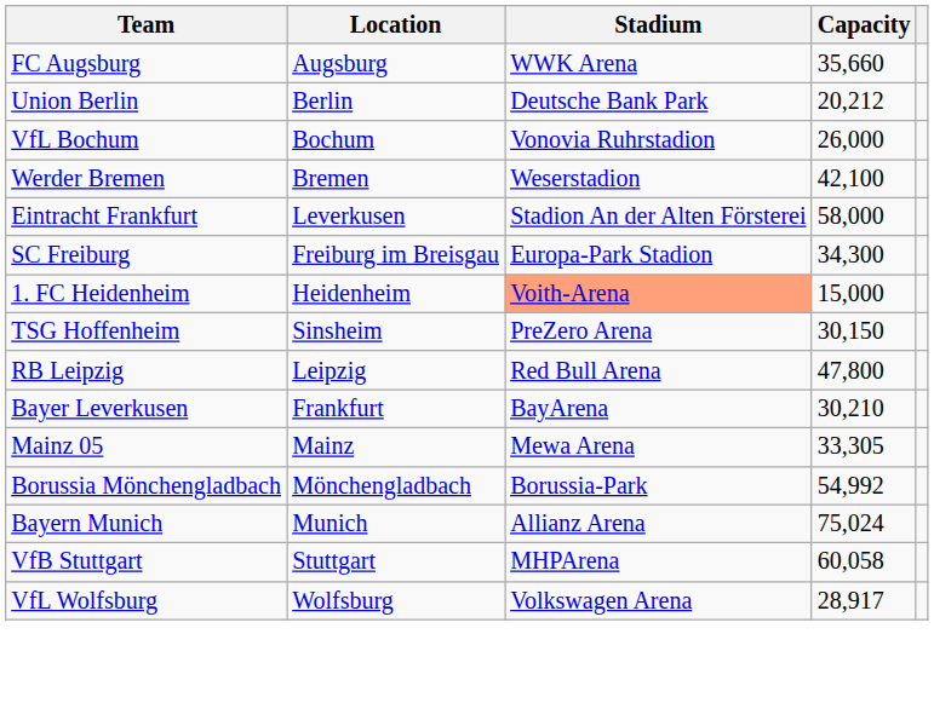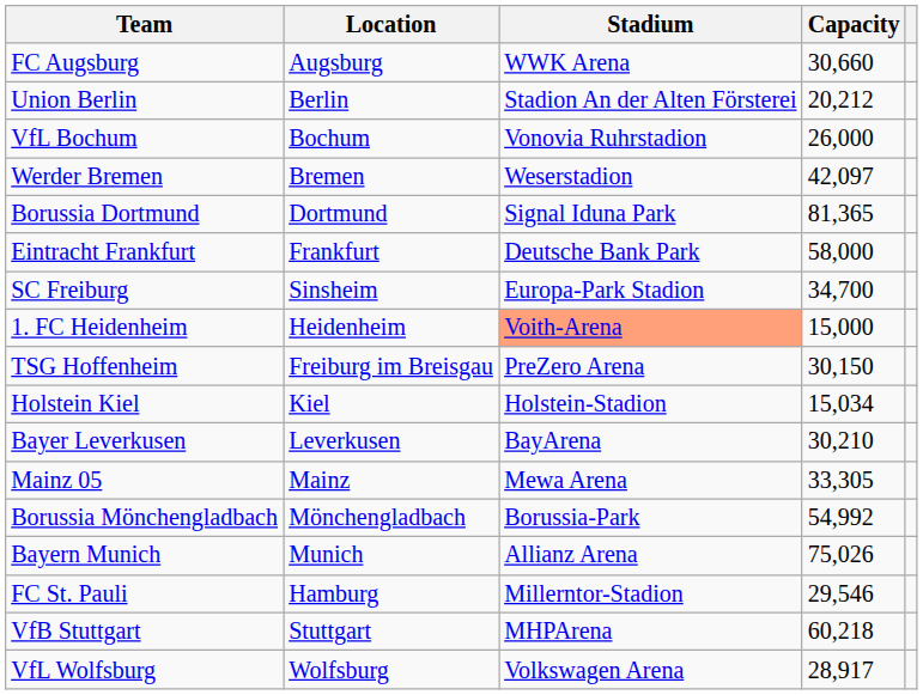 <table class="wikitable sortable" style="text-align:left;">
 <tr>
 <th>Team</th>
 <th>Location</th>
 <th>Stadium</th>
 <th>Capacity</th>
 <th class="unsortable"></th>
 </tr>
 <tr>
 <td data-sort-value="Augsburg"><a href='#'>FC Augsburg</a></td>
 <td><a href='#'>Augsburg</a></td>
 <td><a href='#'>WWK Arena</a></td>
-<td>35,660</td>
+<td>30,660</td>
 <td style="text-align:center"></td>
 </tr>
 <tr>
 <td data-sort-value="Berlin, Union"><a href='#'>Union Berlin</a></td>
 <td><a href='#'>Berlin</a></td>
-<td><a href='#'>Deutsche Bank Park</a></td>
+<td><a href='#'>Stadion An der Alten Försterei</a></td>
 <td>20,212</td>
 <td style="text-align:center"></td>
 </tr>
 <tr>
 <td data-sort-value="Bochum"><a href='#'>VfL Bochum</a></td>
 <td><a href='#'>Bochum</a></td>
 <td><a href='#'>Vonovia Ruhrstadion</a></td>
 <td>26,000</td>
 <td style="text-align:center"></td>
 </tr>
 <tr>
 <td data-sort-value="Bremen"><a href='#'>Werder Bremen</a></td>
 <td><a href='#'>Bremen</a></td>
 <td><a href='#'>Weserstadion</a></td>
-<td>42,100</td>
+<td>42,097</td>
+<td style="text-align:center"></td>
+</tr>
+<tr>
+<td data-sort-value="Dortmund"><a href='#'>Borussia Dortmund</a></td>
+<td><a href='#'>Dortmund</a></td>
+<td><a href='#'>Signal Iduna Park</a></td>
+<td>81,365</td>
 <td style="text-align:center"></td>
 </tr>
 <tr>
 <td data-sort-value="Frankfurt"><a href='#'>Eintracht Frankfurt</a></td>
-<td><a href='#'>Leverkusen</a></td>
-<td><a href='#'>Stadion An der Alten Försterei</a></td>
+<td><a href='#'>Frankfurt</a></td>
+<td><a href='#'>Deutsche Bank Park</a></td>
 <td>58,000</td>
 <td style="text-align:center"></td>
 </tr>
 <tr>
 <td data-sort-value="Freiburg"><a href='#'>SC Freiburg</a></td>
-<td><a href='#'>Freiburg im Breisgau</a></td>
+<td><a href='#'>Sinsheim</a></td>
 <td><a href='#'>Europa-Park Stadion</a></td>
-<td>34,300</td>
+<td>34,700</td>
 <td style="text-align:center"></td>
 </tr>
 <tr>
 <td data-sort-value="Heidenheim"><a href='#'>1. FC Heidenheim</a></td>
 <td><a href='#'>Heidenheim</a></td>
 <td style="background: lightsalmon;"><a href='#'>Voith-Arena</a></td>
 <td>15,000</td>
 <td style="text-align:center"></td>
 </tr>
 <tr>
 <td data-sort-value="Hoffenheim"><a href='#'>TSG Hoffenheim</a></td>
-<td><a href='#'>Sinsheim</a></td>
+<td><a href='#'>Freiburg im Breisgau</a></td>
 <td><a href='#'>PreZero Arena</a></td>
 <td>30,150</td>
 <td style="text-align:center"></td>
 </tr>
 <tr>
-<td data-sort-value="Leipzig"><a href='#'>RB Leipzig</a></td>
-<td><a href='#'>Leipzig</a></td>
-<td><a href='#'>Red Bull Arena</a></td>
-<td>47,800</td>
+<td data-sort-value="Kiel"><a href='#'>Holstein Kiel</a></td>
+<td><a href='#'>Kiel</a></td>
+<td><a href='#'>Holstein-Stadion</a></td>
+<td>15,034</td>
 <td style="text-align:center"></td>
 </tr>
 <tr>
 <td data-sort-value="Leverkusen"><a href='#'>Bayer Leverkusen</a></td>
-<td><a href='#'>Frankfurt</a></td>
+<td><a href='#'>Leverkusen</a></td>
 <td><a href='#'>BayArena</a></td>
 <td>30,210</td>
 <td style="text-align:center"></td>
 </tr>
 <tr>
 <td data-sort-value="Mainz"><a href='#'>Mainz 05</a></td>
 <td><a href='#'>Mainz</a></td>
 <td><a href='#'>Mewa Arena</a></td>
 <td>33,305</td>
 <td style="text-align:center"></td>
 </tr>
 <tr>
 <td data-sort-value="Monchengladbach"><a href='#'>Borussia Mönchengladbach</a></td>
 <td><a href='#'>Mönchengladbach</a></td>
 <td><a href='#'>Borussia-Park</a></td>
 <td>54,992</td>
 <td style="text-align:center"></td>
 </tr>
 <tr>
 <td data-sort-value="Munich"><a href='#'>Bayern Munich</a></td>
 <td><a href='#'>Munich</a></td>
 <td><a href='#'>Allianz Arena</a></td>
-<td>75,024</td>
+<td>75,026</td>
+<td style="text-align:center"></td>
+</tr>
+<tr>
+<td data-sort-value="St Pauli"><a href='#'>FC St. Pauli</a></td>
+<td><a href='#'>Hamburg</a></td>
+<td><a href='#'>Millerntor-Stadion</a></td>
+<td>29,546</td>
 <td style="text-align:center"></td>
 </tr>
 <tr>
 <td data-sort-value="Stuttgart"><a href='#'>VfB Stuttgart</a></td>
 <td><a href='#'>Stuttgart</a></td>
 <td><a href='#'>MHPArena</a></td>
-<td>60,058</td>
+<td>60,218</td>
 <td style="text-align:center"></td>
 </tr>
 <tr>
 <td data-sort-value="Wolfsburg"><a href='#'>VfL Wolfsburg</a></td>
 <td><a href='#'>Wolfsburg</a></td>
 <td><a href='#'>Volkswagen Arena</a></td>
 <td>28,917</td>
 <td style="text-align:center"></td>
 </tr>
 </table>
